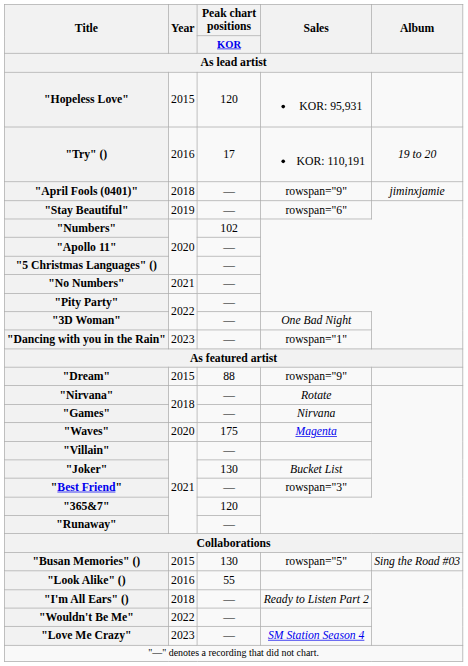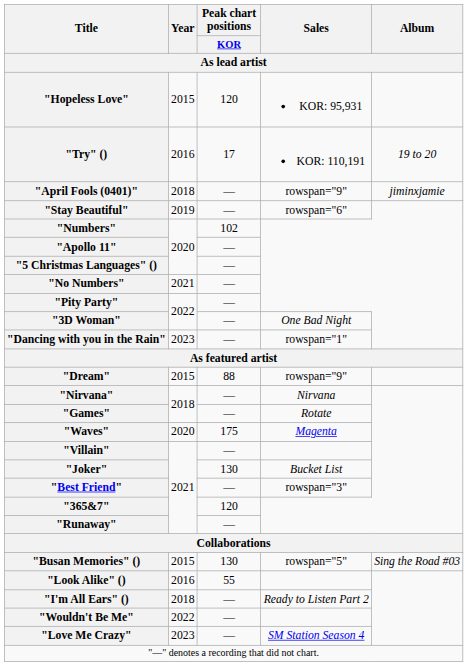 <table class="wikitable plainrowheaders" style="text-align:center;">
 <tr>
 <th scope="col" rowspan="2">Title</th>
 <th scope="col" rowspan="2">Year</th>
 <th scope="col" colspan="1" style="width:5em;">Peak chart positions</th>
 <th scope="col" rowspan="2">Sales</th>
 <th scope="col" rowspan="2">Album</th>
 </tr>
 <tr>
 <th scope="col" style="width:3em;font-size:90%;"><a href='#'>KOR</a><br></th>
 </tr>
 <tr>
 <th colspan="5">As lead artist</th>
 </tr>
 <tr>
 <th scope="row">"Hopeless Love"</th>
 <td>2015</td>
 <td>120</td>
 <td><br><ul><li>KOR: 95,931</li></ul></td>
 <td></td>
 </tr>
 <tr>
 <th scope="row">"Try" ()</th>
 <td>2016</td>
 <td>17</td>
 <td><br><ul><li>KOR: 110,191</li></ul></td>
 <td><em>19 to 20</em></td>
 </tr>
 <tr>
 <th scope="row">"April Fools (0401)"</th>
 <td>2018</td>
 <td>—</td>
 <td>rowspan="9" </td>
 <td><em>jiminxjamie</em></td>
 </tr>
 <tr>
 <th scope="row">"Stay Beautiful"</th>
 <td>2019</td>
 <td>—</td>
 <td>rowspan="6" </td>
 </tr>
 <tr>
 <th scope="row">"Numbers" <br></th>
 <td rowspan="3">2020</td>
 <td>102</td>
 </tr>
 <tr>
 <th scope="row">"Apollo 11" <br></th>
 <td>—</td>
 </tr>
 <tr>
 <th scope="row">"5 Christmas Languages" ()</th>
 <td>—</td>
 </tr>
 <tr>
 <th scope="row">"No Numbers" <br></th>
 <td>2021</td>
 <td>—</td>
 </tr>
 <tr>
 <th scope="row">"Pity Party"</th>
 <td rowspan="2">2022</td>
 <td>—</td>
 </tr>
 <tr>
 <th scope="row">"3D Woman"</th>
 <td>—</td>
 <td><em>One Bad Night</em></td>
 </tr>
 <tr>
 <th scope="row">"Dancing with you in the Rain"</th>
 <td>2023</td>
 <td>—</td>
 <td>rowspan="1" </td>
 </tr>
 <tr>
 <th colspan="5">As featured artist</th>
 </tr>
 <tr>
 <th scope="row">"Dream"<br></th>
 <td>2015</td>
 <td>88</td>
 <td>rowspan="9" </td>
 <td></td>
 </tr>
 <tr>
 <th scope="row">"Nirvana"<br></th>
 <td rowspan="2">2018</td>
 <td>—</td>
-<td><em>Rotate</em></td>
+<td><em>Nirvana</em></td>
 </tr>
 <tr>
 <th scope="row">"Games"<br></th>
 <td>—</td>
-<td><em>Nirvana</em></td>
+<td><em>Rotate</em></td>
 </tr>
 <tr>
 <th scope="row">"Waves"<br></th>
 <td>2020</td>
 <td>175</td>
 <td><em><a href='#'>Magenta</a></em></td>
 </tr>
 <tr>
 <th scope="row">"Villain"<br></th>
 <td rowspan="5">2021</td>
 <td>—</td>
 <td></td>
 </tr>
 <tr>
 <th scope="row">"Joker"<br></th>
 <td>130</td>
 <td><em>Bucket List</em></td>
 </tr>
 <tr>
 <th scope="row">"<a href='#'>Best Friend</a>"<br></th>
 <td>—</td>
 <td>rowspan="3" </td>
 </tr>
 <tr>
 <th scope="row">"365&7"<br></th>
 <td>120</td>
 </tr>
 <tr>
 <th scope="row">"Runaway"<br></th>
 <td>—</td>
 </tr>
 <tr>
 <th colspan="5">Collaborations</th>
 </tr>
 <tr>
 <th scope="row">"Busan Memories" ()<br></th>
 <td>2015</td>
 <td>130</td>
 <td>rowspan="5" </td>
 <td><em>Sing the Road #03</em></td>
 </tr>
 <tr>
 <th scope="row">"Look Alike" ()<br></th>
 <td>2016</td>
 <td>55</td>
 <td></td>
 </tr>
 <tr>
 <th scope="row">"I'm All Ears" ()<br></th>
 <td>2018</td>
 <td>—</td>
 <td><em>Ready to Listen Part 2</em></td>
 </tr>
 <tr>
 <th scope="row">"Wouldn't Be Me" <br></th>
 <td>2022</td>
 <td>—</td>
 <td></td>
 </tr>
 <tr>
 <th scope="row">"Love Me Crazy" <br></th>
 <td>2023</td>
 <td>—</td>
 <td><em><a href='#'>SM Station Season 4</a></em></td>
 </tr>
 <tr>
 <td colspan="5" style="font-size:85%">"—" denotes a recording that did not chart.</td>
 </tr>
 </table>
